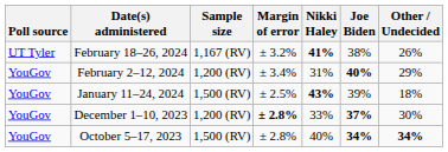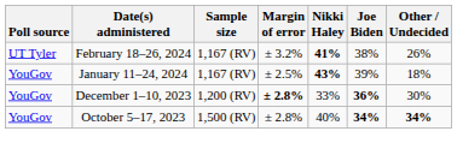 <table class="wikitable sortable mw-datatable" style="font-size:90%;text-align:center;line-height:17px">
 <tr style="vertical-align:bottom">
 <th>Poll source</th>
 <th>Date(s)<br>administered</th>
 <th>Sample<br>size</th>
 <th>Margin<br>of error</th>
 <th class="unsortable">Nikki<br>Haley<br></th>
 <th class="unsortable">Joe<br>Biden<br></th>
 <th class="unsortable">Other /<br>Undecided</th>
 </tr>
 <tr>
 <td style="text-align:left;"><a href='#'>UT Tyler</a></td>
 <td data-sort-value="2024-02-26">February 18–26, 2024</td>
 <td>1,167 (RV)</td>
 <td>± 3.2%</td>
 <td style="background-color:"><strong>41%</strong></td>
 <td>38%</td>
 <td>26%</td>
 </tr>
 <tr>
 <td style="text-align:left;"><a href='#'>YouGov</a></td>
-<td data-sort-value="2024-02-19">February 2–12, 2024</td>
-<td>1,200 (RV)</td>
-<td>± 3.4%</td>
-<td>31%</td>
-<td style="color:black;background-color:"><strong>40%</strong></td>
-<td>29%</td>
-</tr>
-<tr>
-<td style="text-align:left;"><a href='#'>YouGov</a></td>
 <td data-sort-value="2024-01-30">January 11–24, 2024</td>
-<td>1,500 (RV)</td>
+<td>1,167 (RV)</td>
 <td>± 2.5%</td>
 <td style="background-color:"><strong>43%</strong></td>
 <td>39%</td>
 <td>18%</td>
 </tr>
 <tr>
 <td style="text-align:left;"><a href='#'>YouGov</a></td>
 <td data-sort-value="2023-05-17">December 1–10, 2023</td>
 <td>1,200 (RV)</td>
 <td><strong>± 2.8%</strong></td>
 <td>33%</td>
-<td style="color:black;background-color:"><strong>37%</strong></td>
+<td style="color:black;background-color:"><strong>36%</strong></td>
 <td>30%</td>
 </tr>
 <tr>
 <td style="text-align:left;"><a href='#'>YouGov</a></td>
 <td data-sort-value="2023-05-17">October 5–17, 2023</td>
 <td>1,500 (RV)</td>
 <td>± 2.8%</td>
 <td>40%</td>
 <td style="color:black;background-color:"><strong>34%</strong></td>
 <td><strong>34%</strong></td>
 </tr>
 </table>
